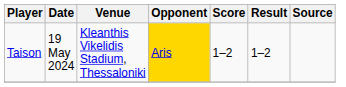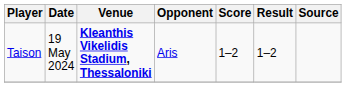 <table class="wikitable" style="text-align:left">
 <tr>
 <th width=10>Player</th>
 <th width=10>Date</th>
 <th width=20>Venue</th>
 <th width=10>Opponent</th>
 <th width=10>Score</th>
 <th width=10>Result</th>
 <th width=10>Source</th>
 </tr>
 <tr>
 <td> <a href='#'>Taison</a></td>
 <td>19 May 2024</td>
-<td><a href='#'>Kleanthis Vikelidis Stadium</a>, <a href='#'>Thessaloniki</a></td>
-<td style="background: gold;"><a href='#'>Aris</a></td>
+<td><strong><a href='#'>Kleanthis Vikelidis Stadium</a>, <a href='#'>Thessaloniki</a></strong></td>
+<td><a href='#'>Aris</a></td>
 <td>1–2</td>
 <td>1–2</td>
 <td></td>
 </tr>
 <tr>
 </tr>
 </table>
